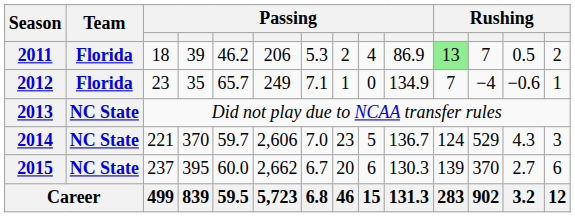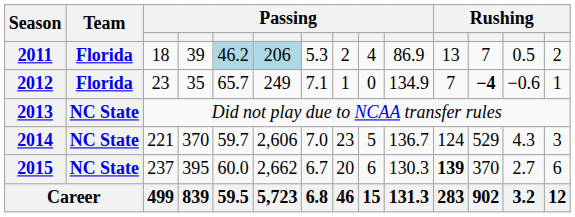 <table class="wikitable" style="text-align:center;">
 <tr>
 <th rowspan="2">Season</th>
 <th rowspan="2">Team</th>
 <th colspan="8">Passing</th>
 <th colspan="4">Rushing</th>
 </tr>
 <tr>
 <th></th>
 <th></th>
 <th></th>
 <th></th>
 <th></th>
 <th></th>
 <th></th>
 <th></th>
 <th></th>
 <th></th>
 <th></th>
 <th></th>
 </tr>
 <tr>
 <th><a href='#'>2011</a></th>
 <th><a href='#'>Florida</a></th>
 <td>18</td>
 <td>39</td>
-<td>46.2</td>
-<td>206</td>
+<td style="background: lightblue;">46.2</td>
+<td style="background: lightblue;">206</td>
 <td>5.3</td>
 <td>2</td>
 <td>4</td>
 <td>86.9</td>
-<td style="background: lightgreen;">13</td>
+<td>13</td>
 <td>7</td>
 <td>0.5</td>
 <td>2</td>
 </tr>
 <tr>
 <th><a href='#'>2012</a></th>
 <th><a href='#'>Florida</a></th>
 <td>23</td>
 <td>35</td>
 <td>65.7</td>
 <td>249</td>
 <td>7.1</td>
 <td>1</td>
 <td>0</td>
 <td>134.9</td>
 <td>7</td>
-<td>−4</td>
+<td><strong>−4</strong></td>
 <td>−0.6</td>
 <td>1</td>
 </tr>
 <tr>
 <th><a href='#'>2013</a></th>
 <th><a href='#'>NC State</a></th>
 <td colspan="12"><em>Did not play due to <a href='#'>NCAA</a> transfer rules</em></td>
 </tr>
 <tr>
 <th><a href='#'>2014</a></th>
 <th><a href='#'>NC State</a></th>
 <td>221</td>
 <td>370</td>
 <td>59.7</td>
 <td>2,606</td>
 <td>7.0</td>
 <td>23</td>
 <td>5</td>
 <td>136.7</td>
 <td>124</td>
 <td>529</td>
 <td>4.3</td>
 <td>3</td>
 </tr>
 <tr>
 <th><a href='#'>2015</a></th>
 <th><a href='#'>NC State</a></th>
 <td>237</td>
 <td>395</td>
 <td>60.0</td>
 <td>2,662</td>
 <td>6.7</td>
 <td>20</td>
 <td>6</td>
 <td>130.3</td>
-<td>139</td>
+<td><strong>139</strong></td>
 <td>370</td>
 <td>2.7</td>
 <td>6</td>
 </tr>
 <tr>
 <th colspan="2">Career</th>
 <th>499</th>
 <th>839</th>
 <th>59.5</th>
 <th>5,723</th>
 <th>6.8</th>
 <th>46</th>
 <th>15</th>
 <th>131.3</th>
 <th>283</th>
 <th>902</th>
 <th>3.2</th>
 <th>12</th>
 </tr>
 </table>
